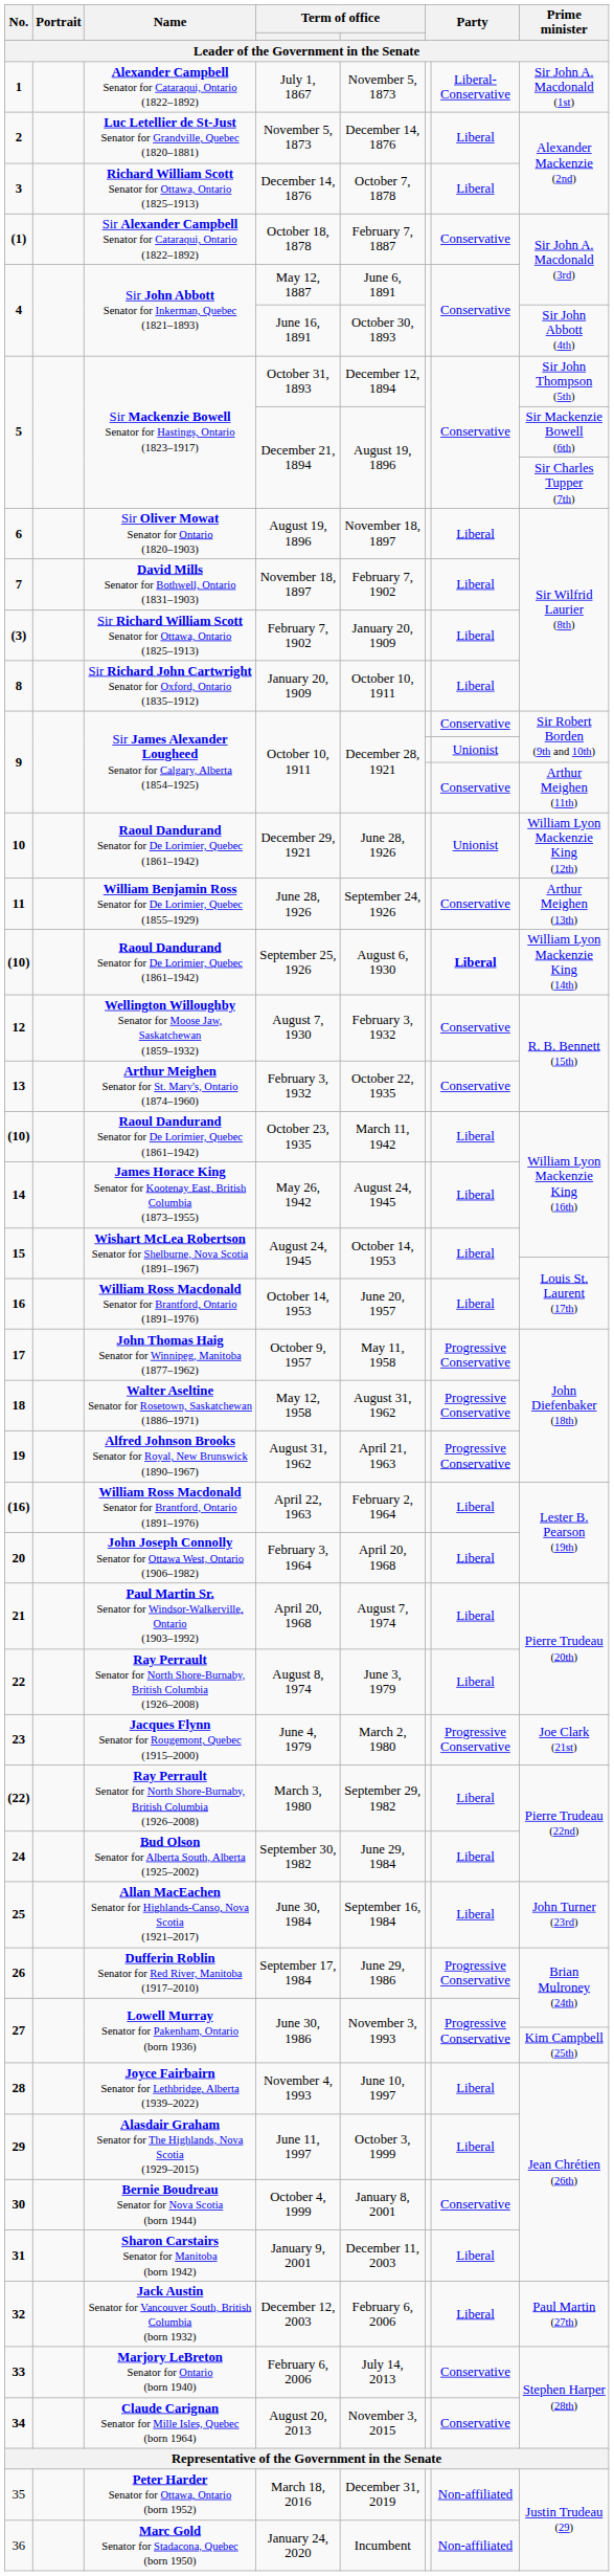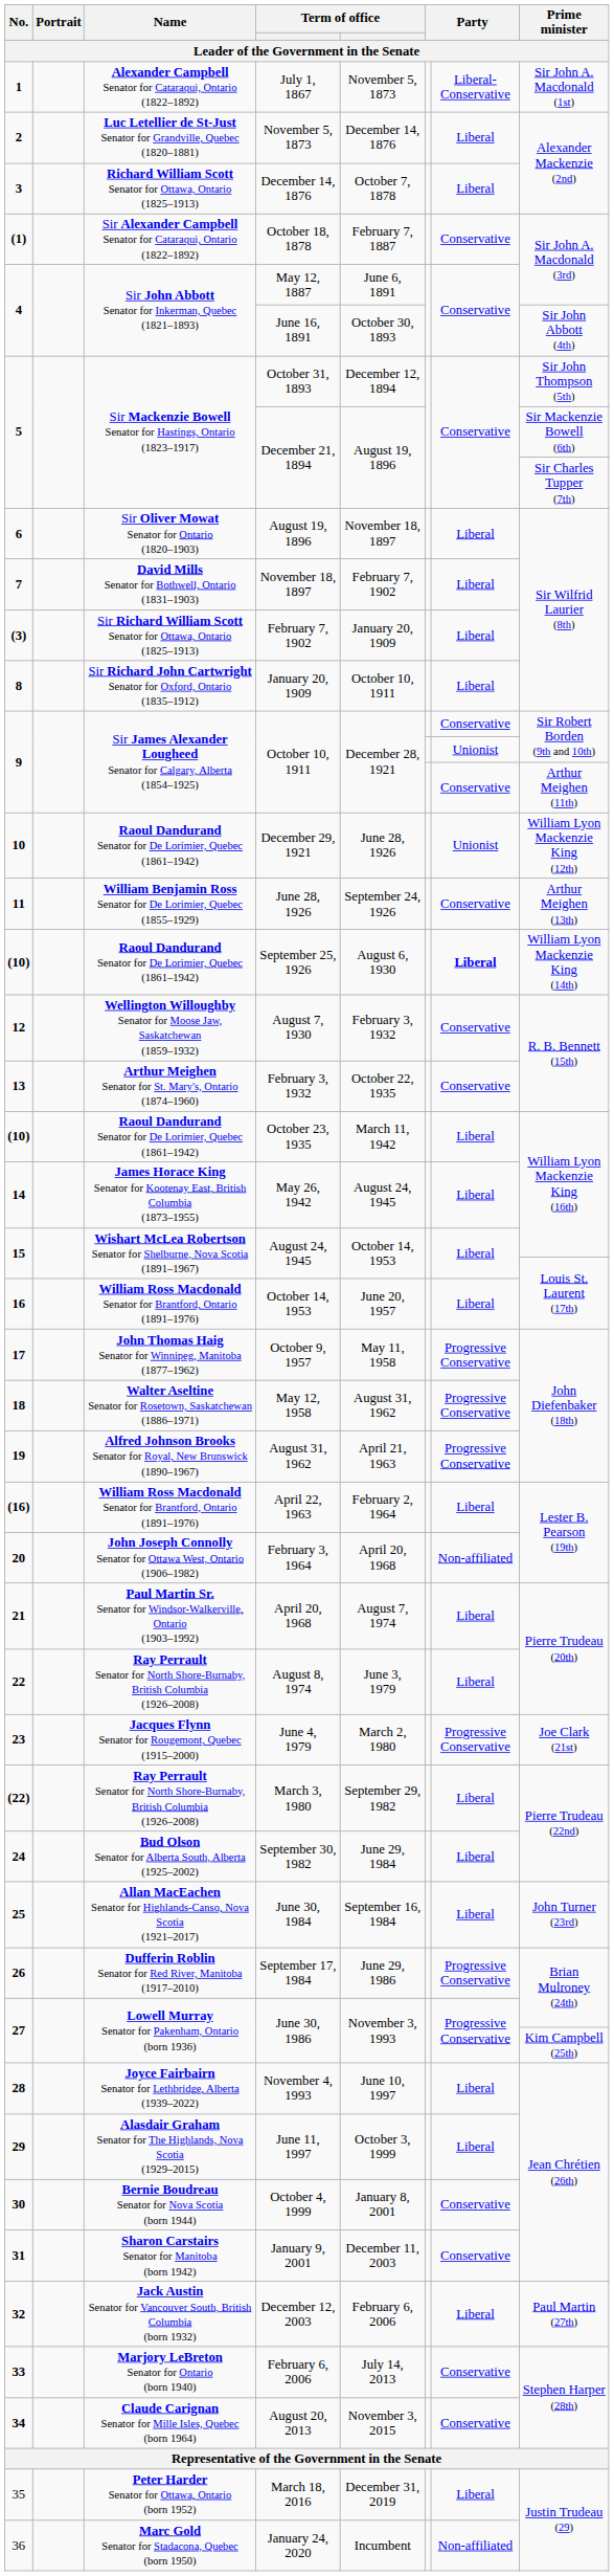 <table class="wikitable" style="text-align:center; border:1px #aaf solid;">
 <tr>
 <th rowspan="2">No.</th>
 <th rowspan="2">Portrait</th>
 <th rowspan="2" width="200px">Name<br></th>
 <th colspan="2">Term of office</th>
 <th colspan="2" rowspan="2">Party</th>
 <th rowspan="2" width="100px">Prime minister<br></th>
 </tr>
 <tr>
 <th width="95"></th>
 <th width="95"></th>
 </tr>
 <tr>
 <th colspan="8">Leader of the Government in the Senate</th>
 </tr>
 <tr>
 <td><strong>1</strong></td>
 <td></td>
 <td><strong><a href='#'>Alexander Campbell</a></strong><br><small>Senator for <a href='#'>Cataraqui, Ontario</a></small><br><small>(1822–1892)</small></td>
 <td>July 1,<br>1867</td>
 <td>November 5,<br>1873</td>
 <td style="background:"></td>
 <td width="100px"><a href='#'>Liberal-Conservative</a></td>
 <td><a href='#'>Sir John A. Macdonald</a><br><small>(<a href='#'>1st</a>)</small></td>
 </tr>
 <tr>
 <td><strong>2</strong></td>
 <td></td>
 <td><strong><a href='#'>Luc Letellier de St-Just</a></strong><br><small>Senator for <a href='#'>Grandville, Quebec</a></small><br><small>(1820–1881)</small></td>
 <td>November 5,<br>1873</td>
 <td>December 14,<br>1876</td>
 <td style="background:"></td>
 <td><a href='#'>Liberal</a></td>
 <td rowspan="2"><a href='#'>Alexander Mackenzie</a><br><small>(<a href='#'>2nd</a>)</small></td>
 </tr>
 <tr>
 <td><strong>3</strong></td>
 <td></td>
 <td><strong><a href='#'>Richard William Scott</a></strong><br><small>Senator for <a href='#'>Ottawa, Ontario</a></small><br><small>(1825–1913)</small></td>
 <td>December 14,<br>1876</td>
 <td>October 7,<br>1878</td>
 <td style="background:"></td>
 <td><a href='#'>Liberal</a></td>
 </tr>
 <tr>
 <td><strong>(1)</strong></td>
 <td></td>
 <td><a href='#'>Sir <strong>Alexander Campbell</strong></a><br><small>Senator for <a href='#'>Cataraqui, Ontario</a></small><br><small>(1822–1892)</small></td>
 <td>October 18,<br>1878</td>
 <td>February 7,<br>1887</td>
 <td style="background:"></td>
 <td><a href='#'>Conservative</a></td>
 <td rowspan="2"><a href='#'>Sir John A. Macdonald</a><br><small>(<a href='#'>3rd</a>)</small></td>
 </tr>
 <tr style="height:49px">
 <td rowspan="2"><strong>4</strong></td>
 <td rowspan="2"></td>
 <td rowspan="2"><a href='#'>Sir <strong>John Abbott</strong></a><br><small>Senator for <a href='#'>Inkerman, Quebec</a></small><br><small>(1821–1893)</small></td>
 <td>May 12,<br>1887</td>
 <td>June 6,<br>1891</td>
 <td rowspan="2" style="background:"></td>
 <td rowspan="2"><a href='#'>Conservative</a></td>
 </tr>
 <tr>
 <td>June 16,<br>1891</td>
 <td>October 30,<br>1893</td>
 <td><a href='#'>Sir John Abbott</a><br><small>(<a href='#'>4th</a>)</small></td>
 </tr>
 <tr>
 <td rowspan="3"><strong>5</strong></td>
 <td rowspan="3"></td>
 <td rowspan="3"><a href='#'>Sir <strong>Mackenzie Bowell</strong></a><br><small>Senator for <a href='#'>Hastings, Ontario</a></small><br><small>(1823–1917)</small></td>
 <td>October 31,<br>1893</td>
 <td>December 12,<br>1894</td>
 <td rowspan="3" style="background:"></td>
 <td rowspan="3"><a href='#'>Conservative</a></td>
 <td><a href='#'>Sir John Thompson</a><br><small>(<a href='#'>5th</a>)</small></td>
 </tr>
 <tr>
 <td rowspan="2">December 21,<br>1894</td>
 <td rowspan="2">August 19,<br>1896</td>
 <td><a href='#'>Sir Mackenzie Bowell</a><br><small>(<a href='#'>6th</a>)</small></td>
 </tr>
 <tr>
 <td><a href='#'>Sir Charles Tupper</a><br><small>(<a href='#'>7th</a>)</small></td>
 </tr>
 <tr>
 <td><strong>6</strong></td>
 <td></td>
 <td><a href='#'>Sir <strong>Oliver Mowat</strong></a><br><small>Senator for <a href='#'>Ontario</a></small><br><small>(1820–1903)</small></td>
 <td>August 19,<br>1896</td>
 <td>November 18,<br>1897</td>
 <td style="background:"></td>
 <td><a href='#'>Liberal</a></td>
 <td rowspan="4"><a href='#'>Sir Wilfrid Laurier</a><br><small>(<a href='#'>8th</a>)</small></td>
 </tr>
 <tr>
 <td><strong>7</strong></td>
 <td></td>
 <td><a href='#'><strong>David Mills</strong></a><br><small>Senator for <a href='#'>Bothwell, Ontario</a></small><br><small>(1831–1903)</small></td>
 <td>November 18,<br>1897</td>
 <td>February 7,<br>1902</td>
 <td style="background:"></td>
 <td><a href='#'>Liberal</a></td>
 </tr>
 <tr>
 <td><strong>(3)</strong></td>
 <td></td>
 <td><a href='#'>Sir <strong>Richard William Scott</strong></a><br><small>Senator for <a href='#'>Ottawa, Ontario</a></small><br><small>(1825–1913)</small></td>
 <td>February 7,<br>1902</td>
 <td>January 20,<br>1909</td>
 <td style="background:"></td>
 <td><a href='#'>Liberal</a></td>
 </tr>
 <tr>
 <td><strong>8</strong></td>
 <td></td>
 <td><a href='#'>Sir <strong>Richard John Cartwright</strong></a><br><small>Senator for <a href='#'>Oxford, Ontario</a></small><br><small>(1835–1912)</small></td>
 <td>January 20,<br>1909</td>
 <td>October 10,<br>1911</td>
 <td style="background:"></td>
 <td><a href='#'>Liberal</a></td>
 </tr>
 <tr>
 <td rowspan="3"><strong>9</strong></td>
 <td rowspan="3"></td>
 <td rowspan="3"><a href='#'>Sir <strong>James Alexander Lougheed</strong></a><br><small>Senator for <a href='#'>Calgary, Alberta</a></small><br><small>(1854–1925)</small></td>
 <td rowspan="3">October 10,<br>1911</td>
 <td rowspan="3">December 28,<br>1921</td>
 <td style="background:"></td>
 <td><a href='#'>Conservative</a></td>
 <td rowspan="2"><a href='#'>Sir Robert Borden</a><br><small>(<a href='#'>9th</a> and <a href='#'>10th</a>)</small></td>
 </tr>
 <tr>
 <td style="background:"></td>
 <td><a href='#'>Unionist</a></td>
 </tr>
 <tr>
 <td style="background:"></td>
 <td><a href='#'>Conservative</a></td>
 <td><a href='#'>Arthur Meighen</a><br><small>(<a href='#'>11th</a>)</small></td>
 </tr>
 <tr>
 <td><strong>10</strong></td>
 <td></td>
 <td><strong><a href='#'>Raoul Dandurand</a></strong><br><small>Senator for <a href='#'>De Lorimier, Quebec</a></small><br><small>(1861–1942)</small></td>
 <td>December 29,<br>1921</td>
 <td>June 28,<br>1926</td>
 <td style="background:"></td>
 <td><a href='#'>Unionist</a></td>
 <td><a href='#'>William Lyon Mackenzie King</a><br><small>(<a href='#'>12th</a>)</small></td>
 </tr>
 <tr>
 <td><strong>11</strong></td>
 <td></td>
 <td><strong><a href='#'>William Benjamin Ross</a></strong><br><small>Senator for <a href='#'>De Lorimier, Quebec</a></small><br><small>(1855–1929)</small></td>
 <td>June 28,<br>1926</td>
 <td>September 24,<br>1926</td>
 <td style="background:"></td>
 <td><a href='#'>Conservative</a></td>
 <td><a href='#'>Arthur Meighen</a><br><small>(<a href='#'>13th</a>)</small></td>
 </tr>
 <tr>
 <td><strong>(10)</strong></td>
 <td></td>
 <td><strong><a href='#'>Raoul Dandurand</a></strong><br><small>Senator for <a href='#'>De Lorimier, Quebec</a></small><br><small>(1861–1942)</small></td>
 <td>September 25,<br>1926</td>
 <td>August 6,<br>1930</td>
 <td style="background:"></td>
 <td><strong><a href='#'>Liberal</a></strong></td>
 <td><a href='#'>William Lyon Mackenzie King</a><br><small>(<a href='#'>14th</a>)</small></td>
 </tr>
 <tr>
 <td><strong>12</strong></td>
 <td></td>
 <td><strong><a href='#'>Wellington Willoughby</a></strong><br><small>Senator for <a href='#'>Moose Jaw, Saskatchewan</a></small><br><small>(1859–1932)</small></td>
 <td>August 7,<br>1930</td>
 <td>February 3,<br>1932</td>
 <td style="background:"></td>
 <td><a href='#'>Conservative</a></td>
 <td rowspan="2"><a href='#'>R. B. Bennett</a><br><small>(<a href='#'>15th</a>)</small></td>
 </tr>
 <tr>
 <td><strong>13</strong></td>
 <td></td>
 <td><strong><a href='#'>Arthur Meighen</a></strong><br><small>Senator for <a href='#'>St. Mary's, Ontario</a></small><br><small>(1874–1960)</small></td>
 <td>February 3,<br>1932</td>
 <td>October 22,<br>1935</td>
 <td style="background:"></td>
 <td><a href='#'>Conservative</a></td>
 </tr>
 <tr>
 <td><strong>(10)</strong></td>
 <td></td>
 <td><strong><a href='#'>Raoul Dandurand</a></strong><br><small>Senator for <a href='#'>De Lorimier, Quebec</a></small><br><small>(1861–1942)</small></td>
 <td>October 23,<br>1935</td>
 <td>March 11,<br>1942</td>
 <td style="background:"></td>
 <td><a href='#'>Liberal</a></td>
 <td rowspan="3"><a href='#'>William Lyon Mackenzie King</a><br><small>(<a href='#'>16th</a>)</small></td>
 </tr>
 <tr>
 <td><strong>14</strong></td>
 <td></td>
 <td><strong><a href='#'>James Horace King</a></strong><br><small>Senator for <a href='#'>Kootenay East, British Columbia</a></small><br><small>(1873–1955)</small></td>
 <td>May 26,<br>1942</td>
 <td>August 24,<br>1945</td>
 <td style="background:"></td>
 <td><a href='#'>Liberal</a></td>
 </tr>
 <tr style="height:35px">
 <td rowspan="2"><strong>15</strong></td>
 <td rowspan="2"></td>
 <td rowspan="2"><strong><a href='#'>Wishart McLea Robertson</a></strong><br><small>Senator for <a href='#'>Shelburne, Nova Scotia</a></small><br><small>(1891–1967)</small></td>
 <td rowspan="2">August 24,<br>1945</td>
 <td rowspan="2">October 14,<br>1953</td>
 <td rowspan="2" style="background:"></td>
 <td rowspan="2"><a href='#'>Liberal</a></td>
 </tr>
 <tr>
 <td rowspan="2"><a href='#'>Louis St. Laurent</a><br><small>(<a href='#'>17th</a>)</small></td>
 </tr>
 <tr>
 <td><strong>16</strong></td>
 <td></td>
 <td><strong><a href='#'>William Ross Macdonald</a></strong><br><small>Senator for <a href='#'>Brantford, Ontario</a></small><br><small>(1891–1976)</small></td>
 <td>October 14,<br>1953</td>
 <td>June 20,<br>1957</td>
 <td style="background:"></td>
 <td><a href='#'>Liberal</a></td>
 </tr>
 <tr>
 <td><strong>17</strong></td>
 <td></td>
 <td><strong><a href='#'>John Thomas Haig</a></strong><br><small>Senator for <a href='#'>Winnipeg, Manitoba</a></small><br><small>(1877–1962)</small></td>
 <td>October 9,<br>1957</td>
 <td>May 11,<br>1958</td>
 <td style="background:"></td>
 <td><a href='#'>Progressive Conservative</a></td>
 <td rowspan="3"><a href='#'>John Diefenbaker</a><br><small>(<a href='#'>18th</a>)</small></td>
 </tr>
 <tr>
 <td><strong>18</strong></td>
 <td></td>
 <td><strong><a href='#'>Walter Aseltine</a></strong><br><small>Senator for <a href='#'>Rosetown, Saskatchewan</a></small><br><small>(1886–1971)</small></td>
 <td>May 12,<br>1958</td>
 <td>August 31,<br>1962</td>
 <td style="background:"></td>
 <td><a href='#'>Progressive Conservative</a></td>
 </tr>
 <tr>
 <td><strong>19</strong></td>
 <td></td>
 <td><strong><a href='#'>Alfred Johnson Brooks</a></strong><br><small>Senator for <a href='#'>Royal, New Brunswick</a></small><br><small>(1890–1967)</small></td>
 <td>August 31,<br>1962</td>
 <td>April 21,<br>1963</td>
 <td style="background:"></td>
 <td><a href='#'>Progressive Conservative</a></td>
 </tr>
 <tr>
 <td><strong>(16)</strong></td>
 <td></td>
 <td><strong><a href='#'>William Ross Macdonald</a></strong><br><small>Senator for <a href='#'>Brantford, Ontario</a></small><br><small>(1891–1976)</small></td>
 <td>April 22,<br>1963</td>
 <td>February 2,<br>1964</td>
 <td style="background:"></td>
 <td><a href='#'>Liberal</a></td>
 <td rowspan="2"><a href='#'>Lester B. Pearson</a><br><small>(<a href='#'>19th</a>)</small></td>
 </tr>
 <tr>
 <td><strong>20</strong></td>
 <td></td>
 <td><strong><a href='#'>John Joseph Connolly</a></strong><br><small>Senator for <a href='#'>Ottawa West, Ontario</a></small><br><small>(1906–1982)</small></td>
 <td>February 3,<br>1964</td>
 <td>April 20,<br>1968</td>
 <td style="background:"></td>
-<td><a href='#'>Liberal</a></td>
+<td><a href='#'>Non-affiliated</a></td>
 </tr>
 <tr>
 <td><strong>21</strong></td>
 <td></td>
 <td><strong><a href='#'>Paul Martin Sr.</a></strong><br><small>Senator for <a href='#'>Windsor-Walkerville, Ontario</a></small><br><small>(1903–1992)</small></td>
 <td>April 20,<br>1968</td>
 <td>August 7,<br>1974</td>
 <td style="background:"></td>
 <td><a href='#'>Liberal</a></td>
 <td rowspan="2"><a href='#'>Pierre Trudeau</a><br><small>(<a href='#'>20th</a>)</small></td>
 </tr>
 <tr>
 <td><strong>22</strong></td>
 <td></td>
 <td><strong><a href='#'>Ray Perrault</a></strong><br><small>Senator for <a href='#'>North Shore-Burnaby, British Columbia</a></small><br><small>(1926–2008)</small></td>
 <td>August 8,<br>1974</td>
 <td>June 3,<br>1979</td>
 <td style="background:"></td>
 <td><a href='#'>Liberal</a></td>
 </tr>
 <tr>
 <td><strong>23</strong></td>
 <td></td>
 <td><strong><a href='#'>Jacques Flynn</a></strong><br><small>Senator for <a href='#'>Rougemont, Quebec</a></small><br><small>(1915–2000)</small></td>
 <td>June 4,<br>1979</td>
 <td>March 2,<br>1980</td>
 <td style="background:"></td>
 <td><a href='#'>Progressive Conservative</a></td>
 <td><a href='#'>Joe Clark</a><br><small>(<a href='#'>21st</a>)</small></td>
 </tr>
 <tr>
 <td><strong>(22)</strong></td>
 <td></td>
 <td><strong><a href='#'>Ray Perrault</a></strong><br><small>Senator for <a href='#'>North Shore-Burnaby, British Columbia</a></small><br><small>(1926–2008)</small></td>
 <td>March 3,<br>1980</td>
 <td>September 29,<br>1982</td>
 <td style="background:"></td>
 <td><a href='#'>Liberal</a></td>
 <td rowspan="2"><a href='#'>Pierre Trudeau</a><br><small>(<a href='#'>22nd</a>)</small></td>
 </tr>
 <tr>
 <td><strong>24</strong></td>
 <td></td>
 <td><strong><a href='#'>Bud Olson</a></strong><br><small>Senator for <a href='#'>Alberta South, Alberta</a></small><br><small>(1925–2002)</small></td>
 <td>September 30,<br>1982</td>
 <td>June 29,<br>1984</td>
 <td style="background:"></td>
 <td><a href='#'>Liberal</a></td>
 </tr>
 <tr>
 <td><strong>25</strong></td>
 <td></td>
 <td><strong><a href='#'>Allan MacEachen</a></strong><br><small>Senator for <a href='#'>Highlands-Canso, Nova Scotia</a></small><br><small>(1921–2017)</small></td>
 <td>June 30,<br>1984</td>
 <td>September 16,<br>1984</td>
 <td style="background:"></td>
 <td><a href='#'>Liberal</a></td>
 <td><a href='#'>John Turner</a><br><small>(<a href='#'>23rd</a>)</small></td>
 </tr>
 <tr>
 <td><strong>26</strong></td>
 <td></td>
 <td><strong><a href='#'>Dufferin Roblin</a></strong><br><small>Senator for <a href='#'>Red River, Manitoba</a></small><br><small>(1917–2010)</small></td>
 <td>September 17,<br>1984</td>
 <td>June 29,<br>1986</td>
 <td style="background:"></td>
 <td><a href='#'>Progressive Conservative</a></td>
 <td rowspan="2"><a href='#'>Brian Mulroney</a><small></small><br><small>(<a href='#'>24th</a>)</small></td>
 </tr>
 <tr style="height:35px">
 <td rowspan="2"><strong>27</strong></td>
 <td rowspan="2"></td>
 <td rowspan="2"><strong><a href='#'>Lowell Murray</a></strong><br><small>Senator for <a href='#'>Pakenham, Ontario</a></small><br><small>(born 1936)</small></td>
 <td rowspan="2">June 30,<br>1986</td>
 <td rowspan="2">November 3,<br>1993</td>
 <td rowspan="2" style="background:"></td>
 <td rowspan="2"><a href='#'>Progressive Conservative</a></td>
 </tr>
 <tr>
 <td><a href='#'>Kim Campbell</a><br><small>(<a href='#'>25th</a>)</small></td>
 </tr>
 <tr>
 <td><strong>28</strong></td>
 <td></td>
 <td><strong><a href='#'>Joyce Fairbairn</a></strong><br><small>Senator for <a href='#'>Lethbridge, Alberta</a></small><br><small>(1939–2022)</small></td>
 <td>November 4,<br>1993</td>
 <td>June 10,<br>1997</td>
 <td style="background:"></td>
 <td><a href='#'>Liberal</a></td>
 <td rowspan="4"><a href='#'>Jean Chrétien</a><br><small>(<a href='#'>26th</a>)</small></td>
 </tr>
 <tr>
 <td><strong>29</strong></td>
 <td></td>
 <td><strong><a href='#'>Alasdair Graham</a></strong><br><small>Senator for <a href='#'>The Highlands, Nova Scotia</a></small><br><small>(1929–2015)</small></td>
 <td>June 11,<br>1997</td>
 <td>October 3,<br>1999</td>
 <td style="background:"></td>
 <td><a href='#'>Liberal</a></td>
 </tr>
 <tr>
 <td><strong>30</strong></td>
 <td></td>
 <td><strong><a href='#'>Bernie Boudreau</a></strong><br><small>Senator for <a href='#'>Nova Scotia</a></small><br><small>(born 1944)</small></td>
 <td>October 4,<br>1999</td>
 <td>January 8,<br>2001</td>
 <td style="background:"></td>
 <td><a href='#'>Conservative</a></td>
 </tr>
 <tr>
 <td><strong>31</strong></td>
 <td></td>
 <td><strong><a href='#'>Sharon Carstairs</a></strong><br><small>Senator for <a href='#'>Manitoba</a></small><br><small>(born 1942)</small></td>
 <td>January 9,<br>2001</td>
 <td>December 11,<br>2003</td>
 <td style="background:"></td>
-<td><a href='#'>Liberal</a></td>
+<td><a href='#'>Conservative</a></td>
 </tr>
 <tr>
 <td><strong>32</strong></td>
 <td></td>
 <td><a href='#'><strong>Jack Austin</strong></a><br><small>Senator for <a href='#'>Vancouver South, British Columbia</a></small><br><small>(born 1932)</small></td>
 <td>December 12,<br>2003</td>
 <td>February 6,<br>2006</td>
 <td style="background:"></td>
 <td><a href='#'>Liberal</a></td>
 <td><a href='#'>Paul Martin</a><br><small>(<a href='#'>27th</a>)</small></td>
 </tr>
 <tr>
 <td><strong>33</strong></td>
 <td></td>
 <td><strong><a href='#'>Marjory LeBreton</a></strong><br><small>Senator for <a href='#'>Ontario</a></small><br><small>(born 1940)</small></td>
 <td>February 6,<br>2006</td>
 <td>July 14,<br>2013</td>
 <td style="background:"></td>
 <td><a href='#'>Conservative</a></td>
 <td rowspan="2"><a href='#'>Stephen Harper</a><br><small>(<a href='#'>28th</a>)</small></td>
 </tr>
 <tr>
 <td><strong>34</strong></td>
 <td></td>
 <td><strong><a href='#'>Claude Carignan</a></strong><br><small>Senator for <a href='#'>Mille Isles, Quebec</a></small><br><small>(born 1964)</small></td>
 <td>August 20,<br>2013</td>
 <td>November 3,<br>2015</td>
 <td style="background:"></td>
 <td><a href='#'>Conservative</a></td>
 </tr>
 <tr>
 <th colspan="8">Representative of the Government in the Senate</th>
 </tr>
 <tr>
 <td>35</td>
 <td></td>
 <td><a href='#'><strong>Peter Harder</strong></a><br><small>Senator for <a href='#'>Ottawa, Ontario</a></small><br><small>(born 1952)</small></td>
 <td>March 18,<br>2016</td>
 <td>December 31,<br>2019</td>
 <td style="background:"></td>
-<td><a href='#'>Non-affiliated</a></td>
+<td><a href='#'>Liberal</a></td>
 <td rowspan="2"><a href='#'>Justin Trudeau</a><br><small>(<a href='#'>29</a>)</small></td>
 </tr>
 <tr>
 <td>36</td>
 <td></td>
 <td><strong><a href='#'>Marc Gold</a></strong><br><small>Senator for <a href='#'>Stadacona, Quebec</a></small><br><small>(born 1950)</small></td>
 <td>January 24,<br>2020</td>
 <td>Incumbent</td>
 <td style="background:"></td>
 <td><a href='#'>Non-affiliated</a></td>
 </tr>
 </table>
